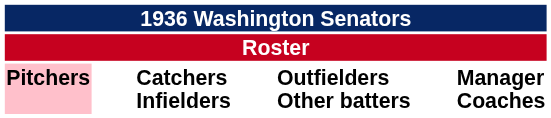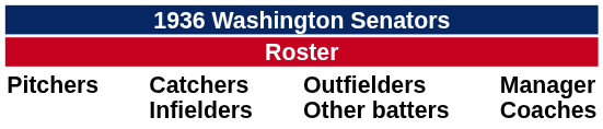 <table class="toccolours" style="font-size: 95%;">
 <tr>
 <th colspan="10" style="background-color: #072764; color: white; text-align: center;">1936 Washington Senators</th>
 </tr>
 <tr>
 <td colspan="10" style="background-color: #c6011f; color: white; text-align: center;"><strong>Roster</strong></td>
 </tr>
 <tr>
-<td valign="top" style="background: pink;"><strong>Pitchers</strong><br>              </td>
+<td valign="top"><strong>Pitchers</strong><br>              </td>
 <td width="25px"></td>
 <td valign="top"><strong>Catchers</strong><br>     <strong>Infielders</strong>       </td>
 <td width="25px"></td>
 <td valign="top"><strong>Outfielders</strong><br>       <strong>Other batters</strong> </td>
 <td width="25px"></td>
 <td valign="top"><strong>Manager</strong><br> <strong>Coaches</strong>  </td>
 </tr>
 <tr>
 </tr>
 </table>
